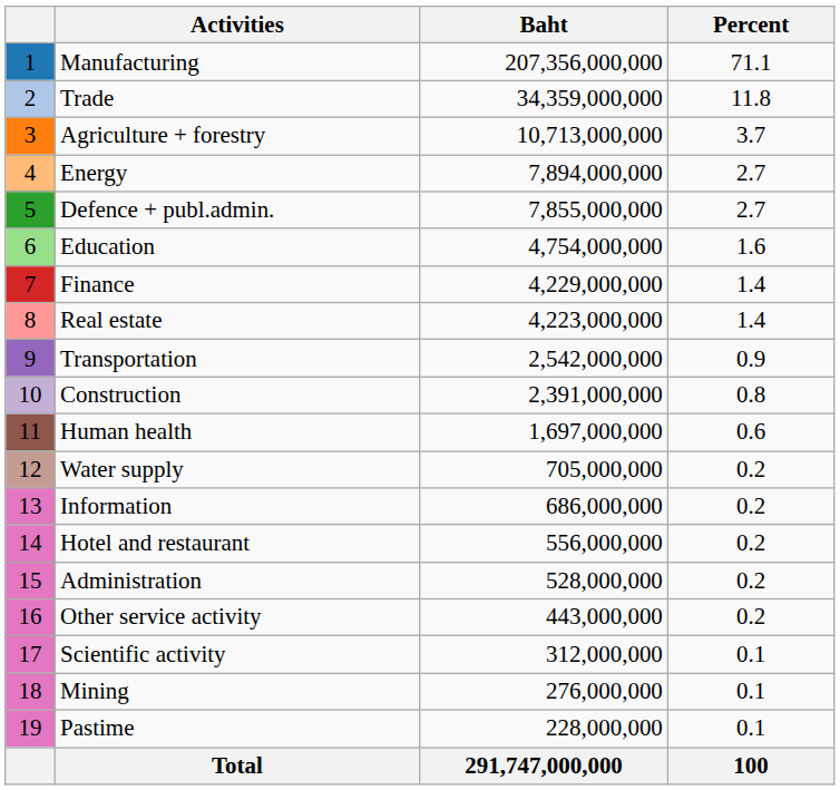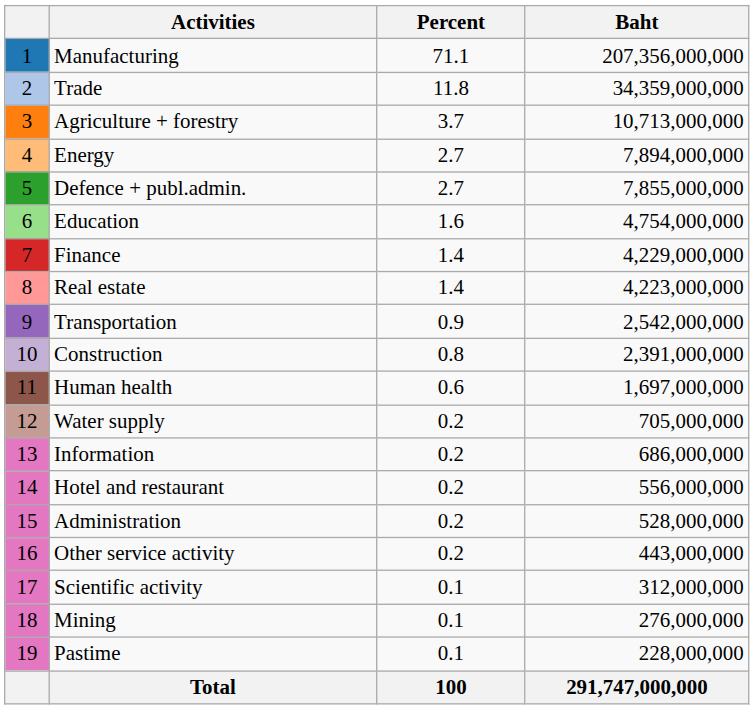 <table class="wikitable" style="width:45%; display:inline-table;">
 <tr>
 <th style="width:6%;"> </th>
 <th style="width:44%;">Activities</th>
+<th style="width:20%;">Percent</th>
 <th style="width:30%;">Baht</th>
-<th style="width:20%;">Percent</th>
 </tr>
 <tr>
 <td style="text-align:center; background:#1f77b4;">1</td>
 <td>Manufacturing</td>
+<td style="text-align:center;">71.1</td>
 <td style="text-align:right;">207,356,000,000</td>
-<td style="text-align:center;">71.1</td>
 </tr>
 <tr>
 <td style="text-align:center; background:#aec7e8;">2</td>
 <td>Trade</td>
+<td style="text-align:center;">11.8</td>
 <td style="text-align:right;">34,359,000,000</td>
-<td style="text-align:center;">11.8</td>
 </tr>
 <tr>
 <td style="text-align:center; background:#ff7f0e;">3</td>
 <td>Agriculture + forestry</td>
+<td style="text-align:center;">3.7</td>
 <td style="text-align:right;">10,713,000,000</td>
-<td style="text-align:center;">3.7</td>
 </tr>
 <tr>
 <td style="text-align:center; background:#ffbb78;">4</td>
 <td>Energy</td>
+<td style="text-align:center;">2.7</td>
 <td style="text-align:right;">7,894,000,000</td>
-<td style="text-align:center;">2.7</td>
 </tr>
 <tr>
 <td style="text-align:center; background:#2ca02c;">5</td>
 <td>Defence + publ.admin.</td>
+<td style="text-align:center;">2.7</td>
 <td style="text-align:right;">7,855,000,000</td>
-<td style="text-align:center;">2.7</td>
 </tr>
 <tr>
 <td style="text-align:center; background:#98df8a;">6</td>
 <td>Education</td>
+<td style="text-align:center;">1.6</td>
 <td style="text-align:right;">4,754,000,000</td>
-<td style="text-align:center;">1.6</td>
 </tr>
 <tr>
 <td style="text-align:center; background:#d62728;">7</td>
 <td>Finance</td>
+<td style="text-align:center;">1.4</td>
 <td style="text-align:right;">4,229,000,000</td>
-<td style="text-align:center;">1.4</td>
 </tr>
 <tr>
 <td style="text-align:center; background:#ff9896;">8</td>
 <td>Real estate</td>
+<td style="text-align:center;">1.4</td>
 <td style="text-align:right;">4,223,000,000</td>
-<td style="text-align:center;">1.4</td>
 </tr>
 <tr>
 <td style="text-align:center; background:#9467bd;">9</td>
 <td>Transportation</td>
+<td style="text-align:center;">0.9</td>
 <td style="text-align:right;">2,542,000,000</td>
-<td style="text-align:center;">0.9</td>
 </tr>
 <tr>
 <td style="text-align:center; background:#c5b0d5;">10</td>
 <td>Construction</td>
+<td style="text-align:center;">0.8</td>
 <td style="text-align:right;">2,391,000,000</td>
-<td style="text-align:center;">0.8</td>
 </tr>
 <tr>
 <td style="text-align:center; background:#8c564b;">11</td>
 <td>Human health</td>
+<td style="text-align:center;">0.6</td>
 <td style="text-align:right;">1,697,000,000</td>
-<td style="text-align:center;">0.6</td>
 </tr>
 <tr>
 <td style="text-align:center; background:#c49c94;">12</td>
 <td>Water supply</td>
+<td style="text-align:center;">0.2</td>
 <td style="text-align:right;">705,000,000</td>
-<td style="text-align:center;">0.2</td>
 </tr>
 <tr>
 <td style="text-align:center;background:#e377c2;">13</td>
 <td>Information</td>
+<td style="text-align:center;">0.2</td>
 <td style="text-align:right;">686,000,000</td>
-<td style="text-align:center;">0.2</td>
 </tr>
 <tr>
 <td style="text-align:center; background:#e377c2;">14</td>
 <td>Hotel and restaurant</td>
+<td style="text-align:center;">0.2</td>
 <td style="text-align:right;">556,000,000</td>
-<td style="text-align:center;">0.2</td>
 </tr>
 <tr>
 <td style="text-align:center; background:#e377c2;">15</td>
 <td>Administration</td>
+<td style="text-align:center;">0.2</td>
 <td style="text-align:right;">528,000,000</td>
-<td style="text-align:center;">0.2</td>
 </tr>
 <tr>
 <td style="text-align:center; background:#e377c2;">16</td>
 <td>Other service activity</td>
+<td style="text-align:center;">0.2</td>
 <td style="text-align:right;">443,000,000</td>
-<td style="text-align:center;">0.2</td>
 </tr>
 <tr>
 <td style="text-align:center; background:#e377c2;">17</td>
 <td>Scientific activity</td>
+<td style="text-align:center;">0.1</td>
 <td style="text-align:right;">312,000,000</td>
-<td style="text-align:center;">0.1</td>
 </tr>
 <tr>
 <td style="text-align:center; background:#e377c2;">18</td>
 <td>Mining</td>
+<td style="text-align:center;">0.1</td>
 <td style="text-align:right;">276,000,000</td>
-<td style="text-align:center;">0.1</td>
 </tr>
 <tr>
 <td style="text-align:center; background:#e377c2;">19</td>
 <td>Pastime</td>
+<td style="text-align:center;">0.1</td>
 <td style="text-align:right;">228,000,000</td>
-<td style="text-align:center;">0.1</td>
 </tr>
 <tr>
 <th> </th>
 <th>Total</th>
+<th>100</th>
 <th>291,747,000,000</th>
-<th>100</th>
 </tr>
 </table>
